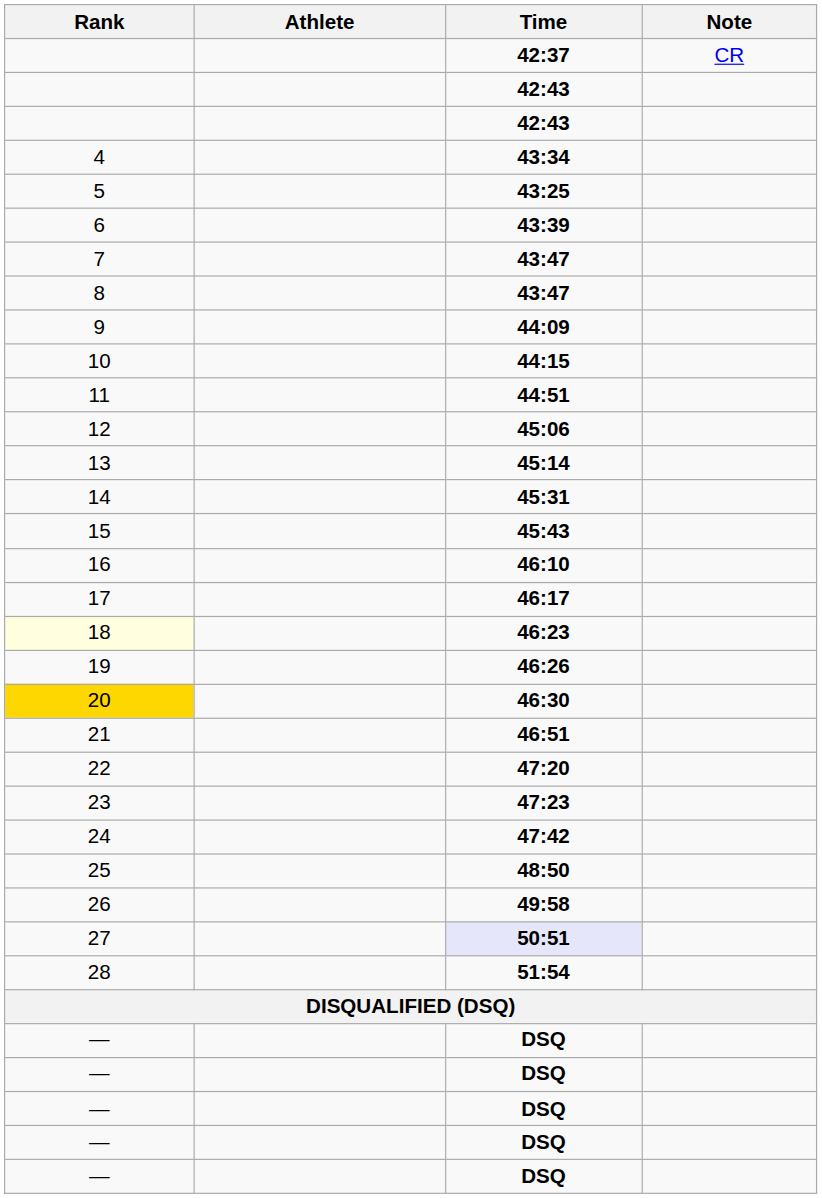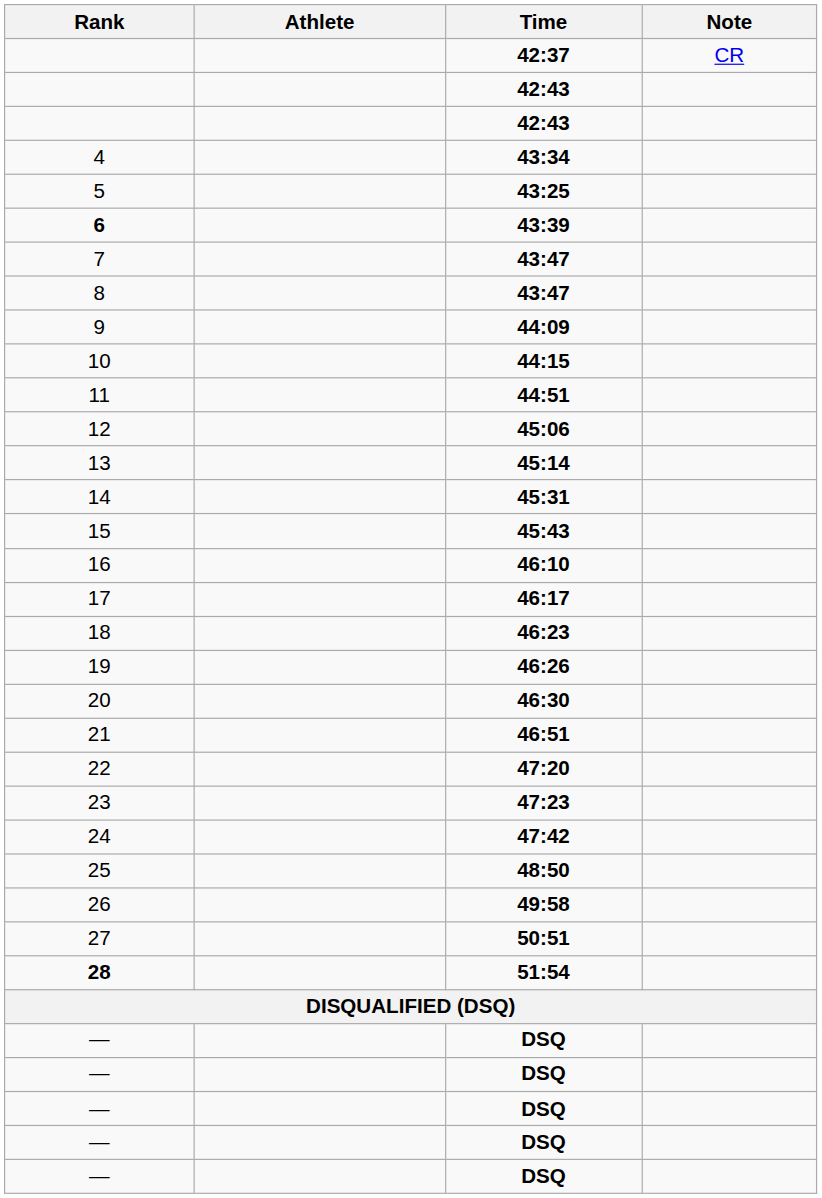 <table class="wikitable" style=" text-align:center; font-size:110%;" width="55%">
 <tr>
 <th>Rank</th>
 <th>Athlete</th>
 <th>Time</th>
 <th>Note</th>
 </tr>
 <tr>
 <td></td>
 <td align=left></td>
 <td><strong>42:37</strong></td>
 <td><a href='#'>CR</a></td>
 </tr>
 <tr>
 <td></td>
 <td align=left></td>
 <td><strong>42:43</strong></td>
 <td></td>
 </tr>
 <tr>
 <td></td>
 <td align=left></td>
 <td><strong>42:43</strong></td>
 <td></td>
 </tr>
 <tr>
 <td>4</td>
 <td align=left></td>
 <td><strong>43:34</strong></td>
 <td></td>
 </tr>
 <tr>
 <td>5</td>
 <td align=left></td>
 <td><strong>43:25</strong></td>
 <td></td>
 </tr>
 <tr>
-<td>6</td>
+<td><strong>6</strong></td>
 <td align=left></td>
 <td><strong>43:39</strong></td>
 <td></td>
 </tr>
 <tr>
 <td>7</td>
 <td align=left></td>
 <td><strong>43:47</strong></td>
 <td></td>
 </tr>
 <tr>
 <td>8</td>
 <td align=left></td>
 <td><strong>43:47</strong></td>
 <td></td>
 </tr>
 <tr>
 <td>9</td>
 <td align=left></td>
 <td><strong>44:09</strong></td>
 <td></td>
 </tr>
 <tr>
 <td>10</td>
 <td align=left></td>
 <td><strong>44:15</strong></td>
 <td></td>
 </tr>
 <tr>
 <td>11</td>
 <td align=left></td>
 <td><strong>44:51</strong></td>
 <td></td>
 </tr>
 <tr>
 <td>12</td>
 <td align=left></td>
 <td><strong>45:06</strong></td>
 <td></td>
 </tr>
 <tr>
 <td>13</td>
 <td align=left></td>
 <td><strong>45:14</strong></td>
 <td></td>
 </tr>
 <tr>
 <td>14</td>
 <td align=left></td>
 <td><strong>45:31</strong></td>
 <td></td>
 </tr>
 <tr>
 <td>15</td>
 <td align=left></td>
 <td><strong>45:43</strong></td>
 <td></td>
 </tr>
 <tr>
 <td>16</td>
 <td align=left></td>
 <td><strong>46:10</strong></td>
 <td></td>
 </tr>
 <tr>
 <td>17</td>
 <td align=left></td>
 <td><strong>46:17</strong></td>
 <td></td>
 </tr>
 <tr>
-<td style="background: lightyellow;">18</td>
+<td>18</td>
 <td align=left></td>
 <td><strong>46:23</strong></td>
 <td></td>
 </tr>
 <tr>
 <td>19</td>
 <td align=left></td>
 <td><strong>46:26</strong></td>
 <td></td>
 </tr>
 <tr>
-<td style="background: gold;">20</td>
+<td>20</td>
 <td align=left></td>
 <td><strong>46:30</strong></td>
 <td></td>
 </tr>
 <tr>
 <td>21</td>
 <td align=left></td>
 <td><strong>46:51</strong></td>
 <td></td>
 </tr>
 <tr>
 <td>22</td>
 <td align=left></td>
 <td><strong>47:20</strong></td>
 <td></td>
 </tr>
 <tr>
 <td>23</td>
 <td align=left></td>
 <td><strong>47:23</strong></td>
 <td></td>
 </tr>
 <tr>
 <td>24</td>
 <td align=left></td>
 <td><strong>47:42</strong></td>
 <td></td>
 </tr>
 <tr>
 <td>25</td>
 <td align=left></td>
 <td><strong>48:50</strong></td>
 <td></td>
 </tr>
 <tr>
 <td>26</td>
 <td align=left></td>
 <td><strong>49:58</strong></td>
 <td></td>
 </tr>
 <tr>
 <td>27</td>
 <td align=left></td>
-<td style="background: lavender;"><strong>50:51</strong></td>
+<td><strong>50:51</strong></td>
 <td></td>
 </tr>
 <tr>
-<td>28</td>
+<td><strong>28</strong></td>
 <td align=left></td>
 <td><strong>51:54</strong></td>
 <td></td>
 </tr>
 <tr>
 <th colspan="4">DISQUALIFIED (DSQ)</th>
 </tr>
 <tr>
 <td>—</td>
 <td align=left></td>
 <td><strong>DSQ </strong></td>
 <td></td>
 </tr>
 <tr>
 <td>—</td>
 <td align=left></td>
 <td><strong>DSQ </strong></td>
 <td></td>
 </tr>
 <tr>
 <td>—</td>
 <td align=left></td>
 <td><strong>DSQ </strong></td>
 <td></td>
 </tr>
 <tr>
 <td>—</td>
 <td align=left></td>
 <td><strong>DSQ </strong></td>
 <td></td>
 </tr>
 <tr>
 <td>—</td>
 <td align=left></td>
 <td><strong>DSQ </strong></td>
 <td></td>
 </tr>
 </table>
